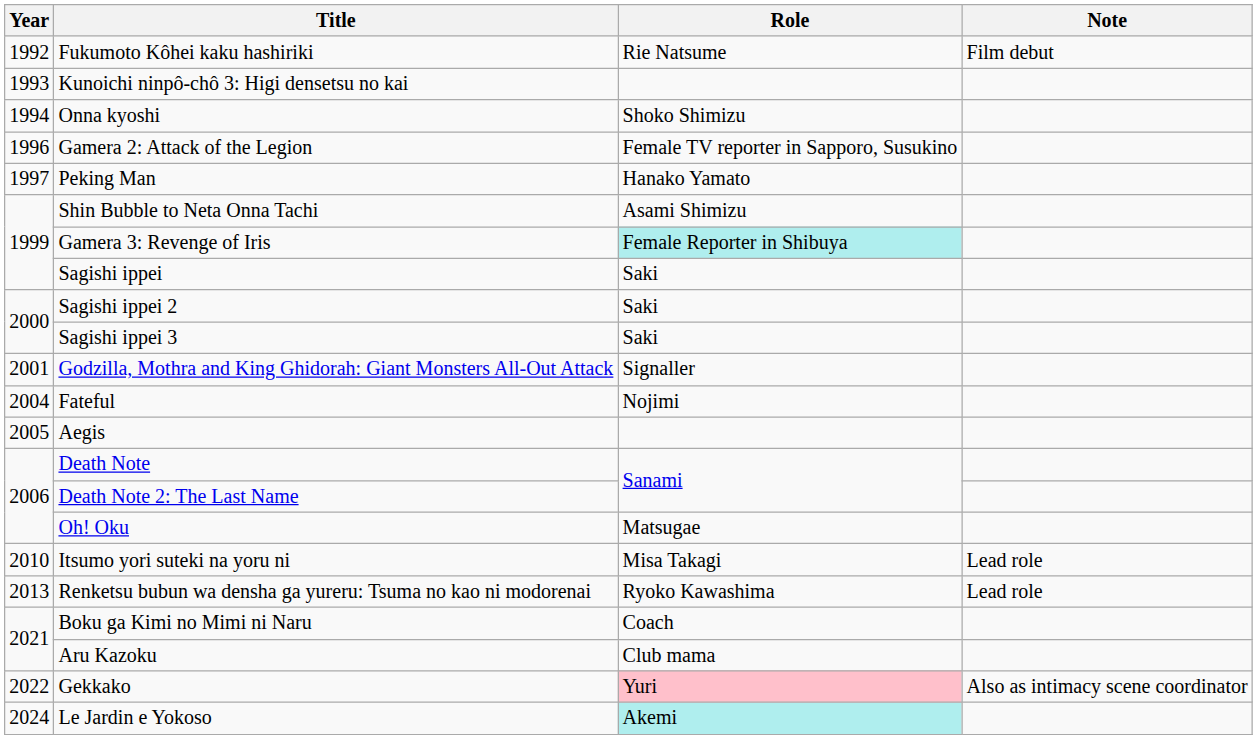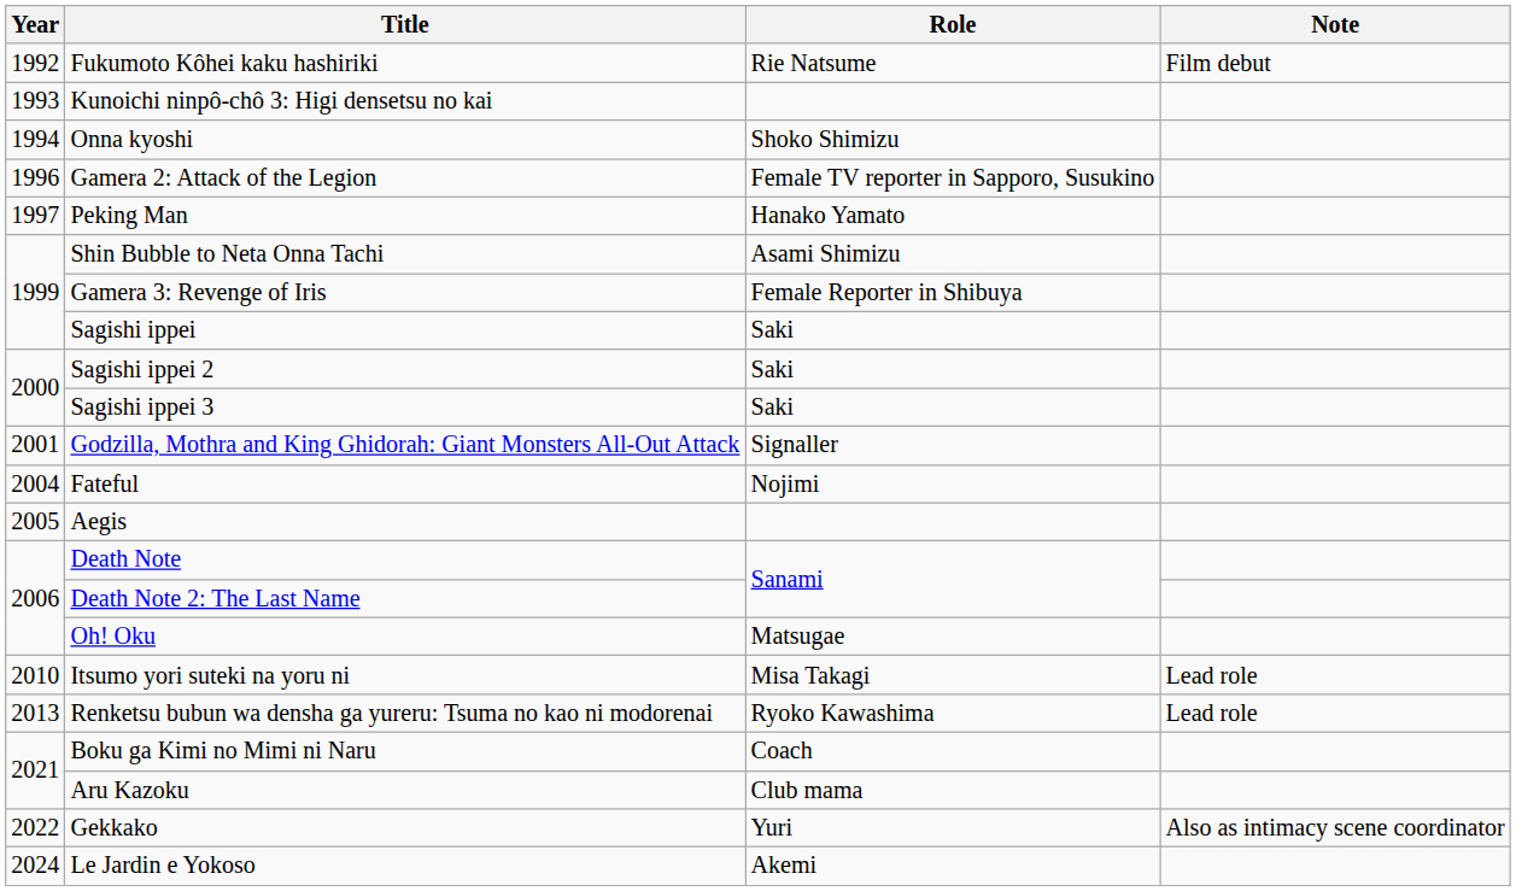 <table class="wikitable sortable">
 <tr>
 <th>Year</th>
 <th>Title</th>
 <th>Role</th>
 <th>Note</th>
 </tr>
 <tr>
 <td>1992</td>
 <td>Fukumoto Kôhei kaku hashiriki</td>
 <td>Rie Natsume</td>
 <td>Film debut</td>
 </tr>
 <tr>
 <td>1993</td>
 <td>Kunoichi ninpô-chô 3: Higi densetsu no kai</td>
 <td></td>
 <td></td>
 </tr>
 <tr>
 <td>1994</td>
 <td>Onna kyoshi</td>
 <td>Shoko Shimizu</td>
 <td></td>
 </tr>
 <tr>
 <td>1996</td>
 <td>Gamera 2: Attack of the Legion</td>
 <td>Female TV reporter in Sapporo, Susukino</td>
 <td></td>
 </tr>
 <tr>
 <td>1997</td>
 <td>Peking Man</td>
 <td>Hanako Yamato</td>
 <td></td>
 </tr>
 <tr>
 <td rowspan="3">1999</td>
 <td>Shin Bubble to Neta Onna Tachi</td>
 <td>Asami Shimizu</td>
 <td></td>
 </tr>
 <tr>
 <td>Gamera 3: Revenge of Iris</td>
-<td style="background: paleturquoise;">Female Reporter in Shibuya</td>
+<td>Female Reporter in Shibuya</td>
 <td></td>
 </tr>
 <tr>
 <td>Sagishi ippei</td>
 <td>Saki</td>
 <td></td>
 </tr>
 <tr>
 <td rowspan="2">2000</td>
 <td>Sagishi ippei 2</td>
 <td>Saki</td>
 <td></td>
 </tr>
 <tr>
 <td>Sagishi ippei 3</td>
 <td>Saki</td>
 <td></td>
 </tr>
 <tr>
 <td>2001</td>
 <td><a href='#'>Godzilla, Mothra and King Ghidorah: Giant Monsters All-Out Attack</a></td>
 <td>Signaller</td>
 <td></td>
 </tr>
 <tr>
 <td>2004</td>
 <td>Fateful</td>
 <td>Nojimi</td>
 <td></td>
 </tr>
 <tr>
 <td>2005</td>
 <td>Aegis</td>
 <td></td>
 <td></td>
 </tr>
 <tr>
 <td rowspan="3">2006</td>
 <td><a href='#'>Death Note</a></td>
 <td rowspan="2"><a href='#'>Sanami</a></td>
 <td></td>
 </tr>
 <tr>
 <td><a href='#'>Death Note 2: The Last Name</a></td>
 <td></td>
 </tr>
 <tr>
 <td><a href='#'>Oh! Oku</a></td>
 <td>Matsugae</td>
 <td></td>
 </tr>
 <tr>
 <td>2010</td>
 <td>Itsumo yori suteki na yoru ni</td>
 <td>Misa Takagi</td>
 <td>Lead role</td>
 </tr>
 <tr>
 <td>2013</td>
 <td>Renketsu bubun wa densha ga yureru: Tsuma no kao ni modorenai</td>
 <td>Ryoko Kawashima</td>
 <td>Lead role</td>
 </tr>
 <tr>
 <td rowspan="2">2021</td>
 <td>Boku ga Kimi no Mimi ni Naru</td>
 <td>Coach</td>
 <td></td>
 </tr>
 <tr>
 <td>Aru Kazoku</td>
 <td>Club mama</td>
 <td></td>
 </tr>
 <tr>
 <td>2022</td>
 <td>Gekkako</td>
-<td style="background: pink;">Yuri</td>
+<td>Yuri</td>
 <td>Also as intimacy scene coordinator</td>
 </tr>
 <tr>
 <td>2024</td>
 <td>Le Jardin e Yokoso</td>
-<td style="background: paleturquoise;">Akemi</td>
+<td>Akemi</td>
 <td></td>
 </tr>
 </table>
